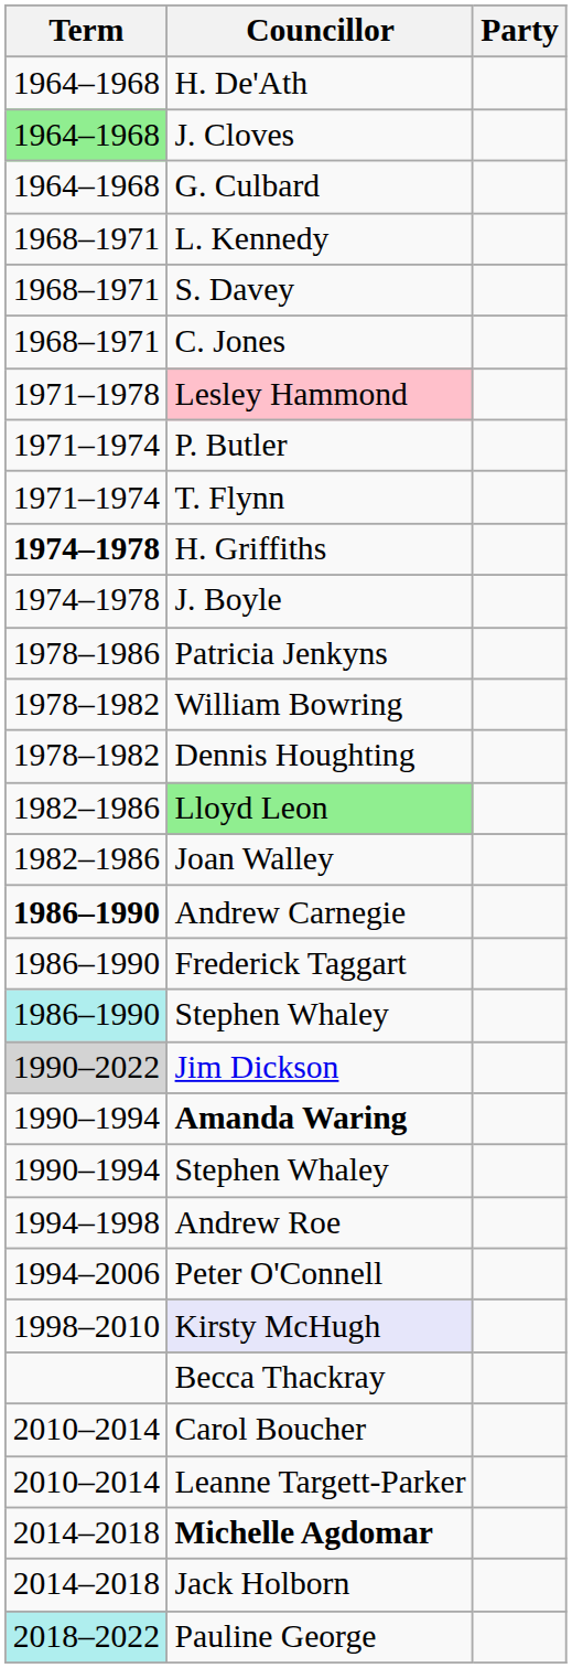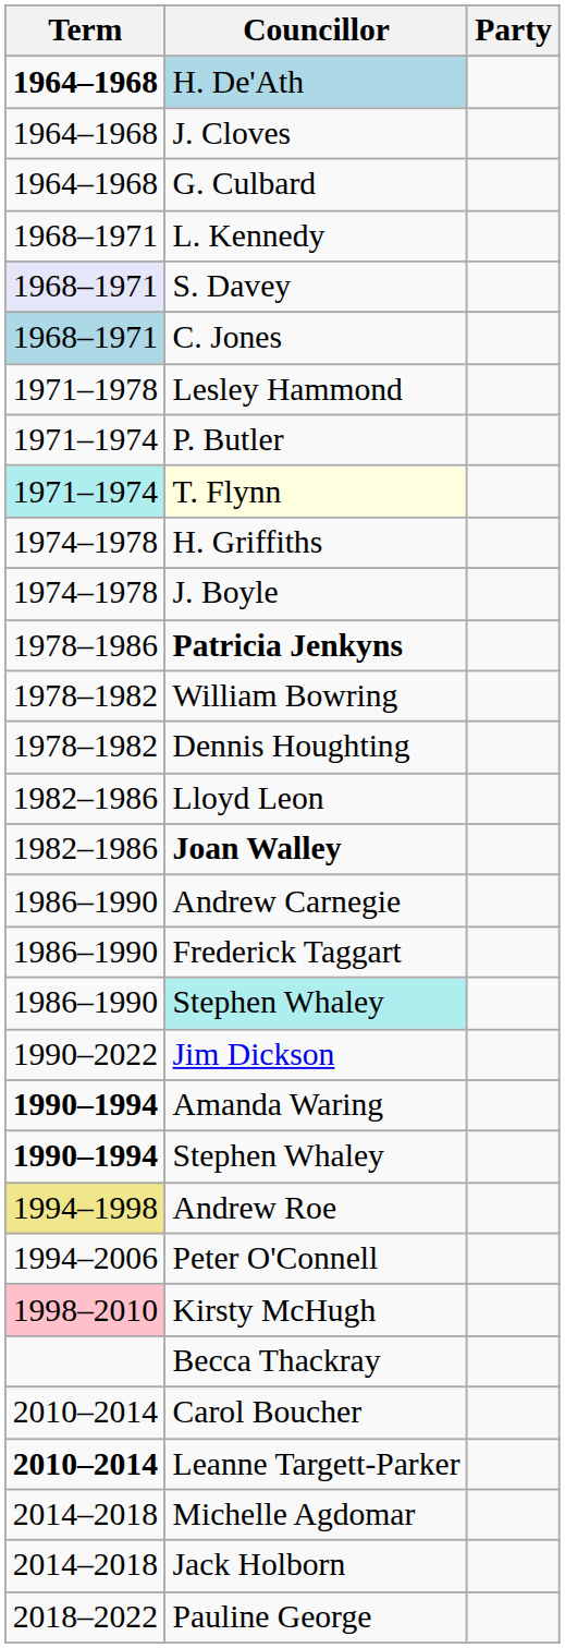 <table class="wikitable">
 <tr>
 <th>Term</th>
 <th>Councillor</th>
 <th colspan=2>Party</th>
 </tr>
 <tr>
-<td>1964–1968</td>
-<td>H. De'Ath</td>
+<td><strong>1964–1968</strong></td>
+<td style="background: lightblue;">H. De'Ath</td>
 <td></td>
 </tr>
 <tr>
-<td style="background: lightgreen;">1964–1968</td>
+<td>1964–1968</td>
 <td>J. Cloves</td>
 <td></td>
 </tr>
 <tr>
 <td>1964–1968</td>
 <td>G. Culbard</td>
 <td></td>
 </tr>
 <tr>
 <td>1968–1971</td>
 <td>L. Kennedy</td>
 <td></td>
 </tr>
 <tr>
-<td>1968–1971</td>
+<td style="background: lavender;">1968–1971</td>
 <td>S. Davey</td>
 <td></td>
 </tr>
 <tr>
-<td>1968–1971</td>
+<td style="background: lightblue;">1968–1971</td>
 <td>C. Jones</td>
 <td></td>
 </tr>
 <tr>
 <td>1971–1978</td>
-<td style="background: pink;">Lesley Hammond</td>
+<td>Lesley Hammond</td>
 <td></td>
 </tr>
 <tr>
 <td>1971–1974</td>
 <td>P. Butler</td>
 <td></td>
 </tr>
 <tr>
-<td>1971–1974</td>
-<td>T. Flynn</td>
+<td style="background: paleturquoise;">1971–1974</td>
+<td style="background: lightyellow;">T. Flynn</td>
 <td></td>
 </tr>
 <tr>
-<td><strong>1974–1978</strong></td>
+<td>1974–1978</td>
 <td>H. Griffiths</td>
 <td></td>
 </tr>
 <tr>
 <td>1974–1978</td>
 <td>J. Boyle</td>
 <td></td>
 </tr>
 <tr>
 <td>1978–1986</td>
-<td>Patricia Jenkyns</td>
+<td><strong>Patricia Jenkyns</strong></td>
 <td></td>
 </tr>
 <tr>
 <td>1978–1982</td>
 <td>William Bowring</td>
 <td></td>
 </tr>
 <tr>
 <td>1978–1982</td>
 <td>Dennis Houghting</td>
 <td></td>
 </tr>
 <tr>
 <td>1982–1986</td>
-<td style="background: lightgreen;">Lloyd Leon</td>
+<td>Lloyd Leon</td>
 <td></td>
 </tr>
 <tr>
 <td>1982–1986</td>
-<td>Joan Walley</td>
+<td><strong>Joan Walley</strong></td>
 <td></td>
 </tr>
 <tr>
-<td><strong>1986–1990</strong></td>
+<td>1986–1990</td>
 <td>Andrew Carnegie</td>
 <td></td>
 </tr>
 <tr>
 <td>1986–1990</td>
 <td>Frederick Taggart</td>
 <td></td>
 </tr>
 <tr>
-<td style="background: paleturquoise;">1986–1990</td>
+<td>1986–1990</td>
+<td style="background: paleturquoise;">Stephen Whaley</td>
+<td></td>
+</tr>
+<tr>
+<td>1990–2022</td>
+<td><a href='#'>Jim Dickson</a></td>
+<td></td>
+</tr>
+<tr>
+<td><strong>1990–1994</strong></td>
+<td>Amanda Waring</td>
+<td></td>
+</tr>
+<tr>
+<td><strong>1990–1994</strong></td>
 <td>Stephen Whaley</td>
 <td></td>
 </tr>
 <tr>
-<td style="background: lightgrey;">1990–2022</td>
-<td><a href='#'>Jim Dickson</a></td>
-<td></td>
-</tr>
-<tr>
-<td>1990–1994</td>
-<td><strong>Amanda Waring</strong></td>
-<td></td>
-</tr>
-<tr>
-<td>1990–1994</td>
-<td>Stephen Whaley</td>
-<td></td>
-</tr>
-<tr>
-<td>1994–1998</td>
+<td style="background: khaki;">1994–1998</td>
 <td>Andrew Roe</td>
 <td></td>
 </tr>
 <tr>
 <td>1994–2006</td>
 <td>Peter O'Connell</td>
 <td></td>
 </tr>
 <tr>
-<td>1998–2010</td>
-<td style="background: lavender;">Kirsty McHugh</td>
+<td style="background: pink;">1998–2010</td>
+<td>Kirsty McHugh</td>
 <td></td>
 </tr>
 <tr>
 <td></td>
 <td>Becca Thackray</td>
 <td></td>
 </tr>
 <tr>
 <td>2010–2014</td>
 <td>Carol Boucher</td>
 <td></td>
 </tr>
 <tr>
-<td>2010–2014</td>
+<td><strong>2010–2014</strong></td>
 <td>Leanne Targett-Parker</td>
 <td></td>
 </tr>
 <tr>
 <td>2014–2018</td>
-<td><strong>Michelle Agdomar</strong></td>
+<td>Michelle Agdomar</td>
 <td></td>
 </tr>
 <tr>
 <td>2014–2018</td>
 <td>Jack Holborn</td>
 <td></td>
 </tr>
 <tr>
-<td style="background: paleturquoise;">2018–2022</td>
+<td>2018–2022</td>
 <td>Pauline George</td>
 <td></td>
 </tr>
 </table>
